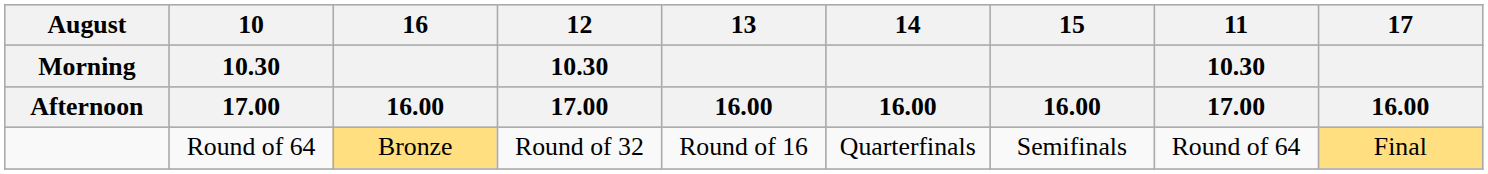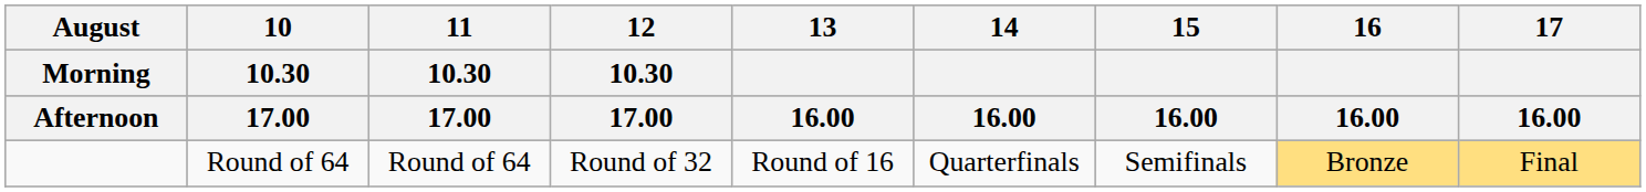 <table class="wikitable" style="text-align:center">
 <tr>
 <th width=10%>August</th>
 <th width=10%>10</th>
-<th width=10%>16</th>
+<th width=10%>11</th>
 <th width=10%>12</th>
 <th width=10%>13</th>
 <th width=10%>14</th>
 <th width=10%>15</th>
-<th width=10%>11</th>
+<th width=10%>16</th>
 <th width=10%>17</th>
 </tr>
 <tr>
 <th>Morning</th>
 <th>10.30</th>
-<th></th>
+<th>10.30</th>
 <th>10.30</th>
 <th></th>
 <th></th>
 <th></th>
-<th>10.30</th>
+<th></th>
 <th></th>
 </tr>
 <tr>
 <th>Afternoon</th>
 <th>17.00</th>
-<th>16.00</th>
+<th>17.00</th>
 <th>17.00</th>
 <th>16.00</th>
 <th>16.00</th>
 <th>16.00</th>
-<th>17.00</th>
+<th>16.00</th>
 <th>16.00</th>
 </tr>
 <tr>
 <td></td>
 <td>Round of 64</td>
-<td bgcolor="FFDF80">Bronze</td>
+<td>Round of 64</td>
 <td>Round of 32</td>
 <td>Round of 16</td>
 <td>Quarterfinals</td>
 <td>Semifinals</td>
-<td>Round of 64</td>
+<td bgcolor="FFDF80">Bronze</td>
 <td bgcolor="FFDF80">Final</td>
 </tr>
 </table>
